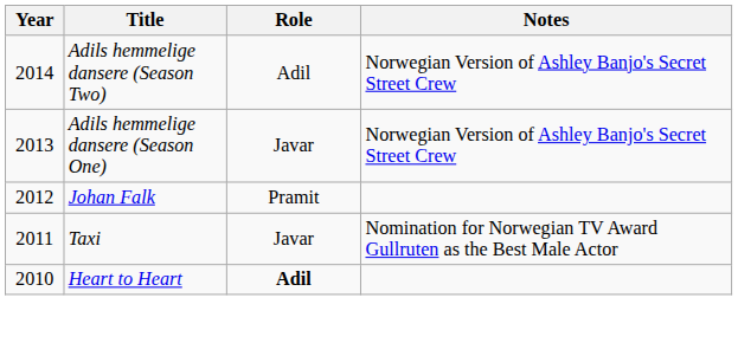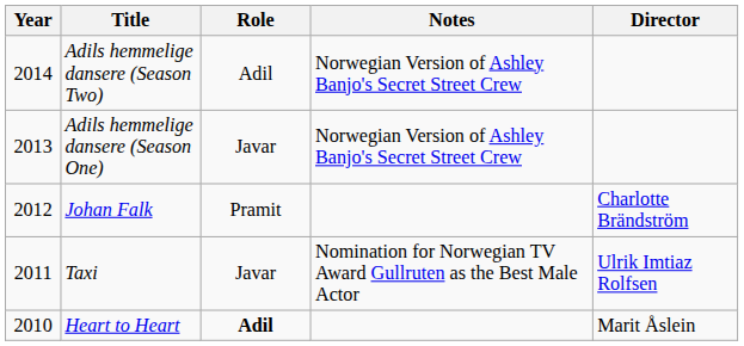 <table class="wikitable">
 <tr>
 <th style="width:50px;">Year</th>
 <th style="width:180px;">Title</th>
 <th style="width:160px;">Role</th>
 <th style="width:500px;">Notes</th>
+<th style="width:180px;">Director</th>
 </tr>
 <tr>
 <td align="center">2014</td>
 <td><em>Adils hemmelige dansere (Season Two)</em> </td>
 <td align="center">Adil</td>
 <td>Norwegian Version of <a href='#'>Ashley Banjo's Secret Street Crew</a></td>
+<td></td>
 </tr>
 <tr>
 <td align="center">2013</td>
 <td><em>Adils hemmelige dansere (Season One)</em> </td>
 <td align="center">Javar</td>
 <td>Norwegian Version of <a href='#'>Ashley Banjo's Secret Street Crew</a></td>
+<td></td>
 </tr>
 <tr>
 <td align="center">2012</td>
 <td><em><a href='#'>Johan Falk</a></em></td>
 <td align="center">Pramit</td>
 <td></td>
+<td><a href='#'>Charlotte Brändström</a></td>
 </tr>
 <tr>
 <td align="center">2011</td>
 <td><em>Taxi</em></td>
 <td align="center">Javar</td>
 <td>Nomination for Norwegian TV Award <a href='#'>Gullruten</a> as the Best Male Actor </td>
+<td><a href='#'>Ulrik Imtiaz Rolfsen</a></td>
 </tr>
 <tr>
 <td align="center">2010</td>
 <td><em><a href='#'>Heart to Heart</a></em></td>
 <td align="center"><strong>Adil</strong></td>
 <td></td>
+<td>Marit Åslein</td>
 </tr>
 </table>
